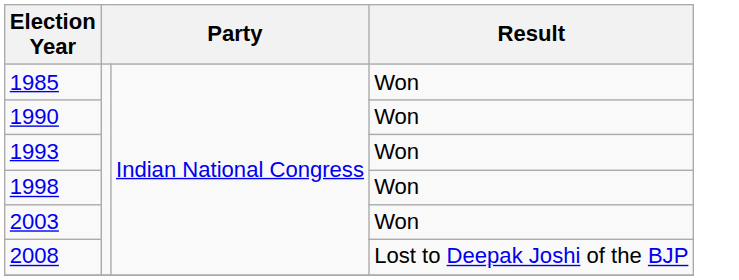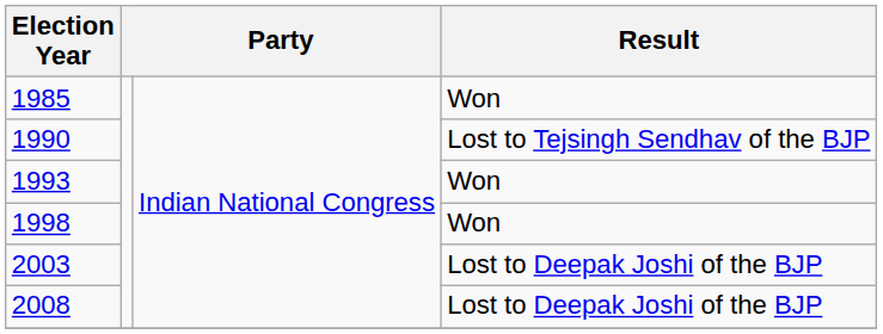 <table class="wikitable sortable">
 <tr>
 <th>Election<br>Year</th>
 <th colspan=2>Party</th>
 <th>Result</th>
 </tr>
 <tr>
 <td><a href='#'>1985</a></td>
 <td rowspan="6" style="background-color: "></td>
 <td rowspan="6"><a href='#'>Indian National Congress</a></td>
 <td>Won</td>
 </tr>
 <tr>
 <td><a href='#'>1990</a></td>
-<td>Won</td>
+<td>Lost to <a href='#'>Tejsingh Sendhav</a> of the <a href='#'>BJP</a></td>
 </tr>
 <tr>
 <td><a href='#'>1993</a></td>
 <td>Won</td>
 </tr>
 <tr>
 <td><a href='#'>1998</a></td>
 <td>Won</td>
 </tr>
 <tr>
 <td><a href='#'>2003</a></td>
-<td>Won</td>
+<td>Lost to <a href='#'>Deepak Joshi</a> of the <a href='#'>BJP</a></td>
 </tr>
 <tr>
 <td><a href='#'>2008</a></td>
 <td>Lost to <a href='#'>Deepak Joshi</a> of the <a href='#'>BJP</a></td>
 </tr>
 <tr>
 </tr>
 </table>
